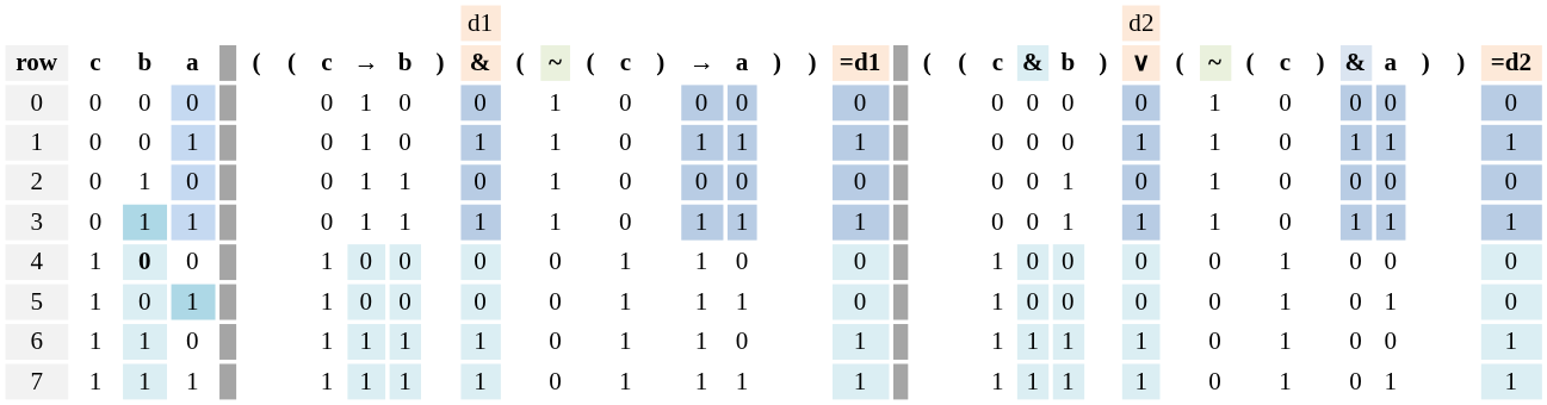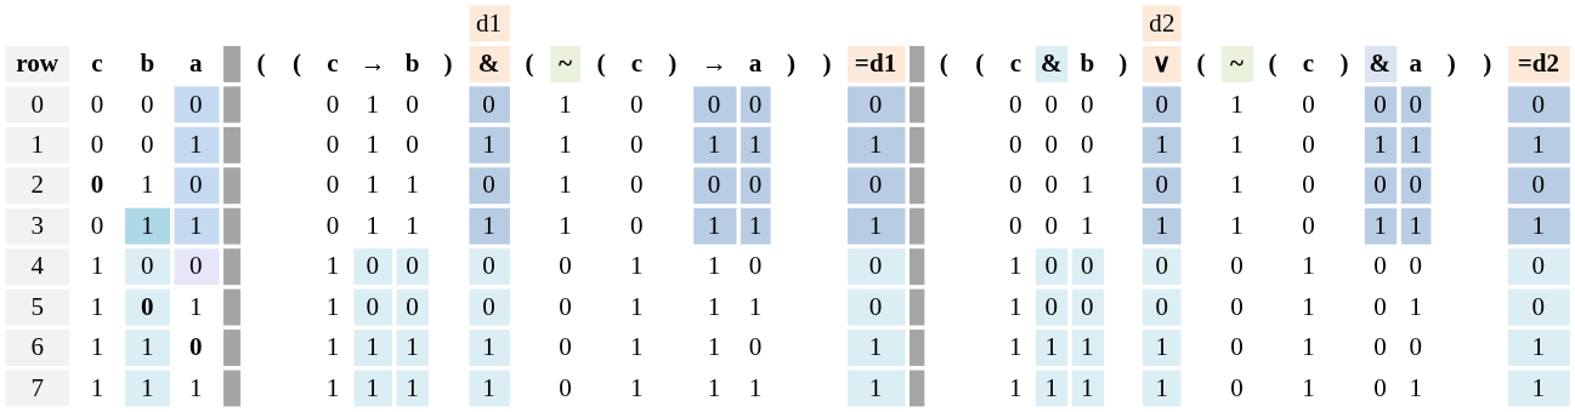 <table>
 <tr style="font-size:9pt" align="center">
 <td width="27.75" Height="12"></td>
 <td width="20.25"></td>
 <td width="18.75"></td>
 <td width="18.75"></td>
 <td width="6.75"></td>
 <td width="12.75"></td>
 <td width="12.75"></td>
 <td width="12.75"></td>
 <td width="16.5"></td>
 <td width="12.75"></td>
 <td width="12.75"></td>
 <td style="background-color:#FDE9D9" width="17.25">d1</td>
 <td width="12.75"></td>
 <td width="12.75"></td>
 <td width="12.75"></td>
 <td width="12.75"></td>
 <td width="12.75"></td>
 <td width="18"></td>
 <td width="12.75"></td>
 <td width="12.75"></td>
 <td width="12.75"></td>
 <td width="24.75"></td>
 <td width="5.25"></td>
 <td width="12.75"></td>
 <td width="12.75"></td>
 <td width="12.75"></td>
 <td width="12.75"></td>
 <td width="12.75"></td>
 <td width="12.75"></td>
 <td style="background-color:#FDE9D9" width="15.75">d2</td>
 <td width="12.75"></td>
 <td width="12.75"></td>
 <td width="12.75"></td>
 <td width="12.75"></td>
 <td width="12.75"></td>
 <td width="12.75"></td>
 <td width="12.75"></td>
 <td width="12.75"></td>
 <td width="12.75"></td>
 <td width="27"></td>
 </tr>
 <tr style="font-size:9pt;font-weight:bold" align="center">
 <th style="background-color:#F2F2F2" Height="12">row</th>
 <th>c</th>
 <th>b</th>
 <th>a</th>
 <td style="background-color:#A5A5A5"></td>
 <td>(</td>
 <td>(</td>
 <td>c</td>
 <td>→</td>
 <td>b</td>
 <td>)</td>
 <td style="background-color:#FDE9D9">&</td>
 <td>(</td>
 <td style="background-color:#EAF1DD">~</td>
 <td>(</td>
 <td>c</td>
 <td>)</td>
 <td>→</td>
 <td>a</td>
 <td>)</td>
 <td>)</td>
 <td style="background-color:#FDE9D9">=d1</td>
 <td style="background-color:#A5A5A5"></td>
 <td>(</td>
 <td>(</td>
 <td>c</td>
 <td style="background-color:#DBEEF3">&</td>
 <td>b</td>
 <td>)</td>
 <td style="background-color:#FDE9D9">∨</td>
 <td>(</td>
 <td style="background-color:#EAF1DD">~</td>
 <td>(</td>
 <td>c</td>
 <td>)</td>
 <td style="background-color:#DBE5F1">&</td>
 <td>a</td>
 <td>)</td>
 <td>)</td>
 <td style="background-color:#FDE9D9">=d2</td>
 </tr>
 <tr style="font-size:9pt" align="center">
 <td style="background-color:#F2F2F2" Height="12">0</td>
 <td>0</td>
 <td>0</td>
 <td style="background-color:#C5D9F1">0</td>
 <td style="background-color:#A5A5A5"></td>
 <td></td>
 <td></td>
 <td>0</td>
 <td>1</td>
 <td>0</td>
 <td></td>
 <td style="background-color:#B8CCE4">0</td>
 <td></td>
 <td>1</td>
 <td></td>
 <td>0</td>
 <td></td>
 <td style="background-color:#B8CCE4">0</td>
 <td style="background-color:#B8CCE4">0</td>
 <td></td>
 <td></td>
 <td style="background-color:#B8CCE4">0</td>
 <td style="background-color:#A5A5A5"></td>
 <td></td>
 <td></td>
 <td>0</td>
 <td>0</td>
 <td>0</td>
 <td></td>
 <td style="background-color:#B8CCE4">0</td>
 <td></td>
 <td>1</td>
 <td></td>
 <td>0</td>
 <td></td>
 <td style="background-color:#B8CCE4">0</td>
 <td style="background-color:#B8CCE4">0</td>
 <td></td>
 <td></td>
 <td style="background-color:#B8CCE4">0</td>
 </tr>
 <tr style="font-size:9pt" align="center">
 <td style="background-color:#F2F2F2" Height="12">1</td>
 <td>0</td>
 <td>0</td>
 <td style="background-color:#C5D9F1">1</td>
 <td style="background-color:#A5A5A5"></td>
 <td></td>
 <td></td>
 <td>0</td>
 <td>1</td>
 <td>0</td>
 <td></td>
 <td style="background-color:#B8CCE4">1</td>
 <td></td>
 <td>1</td>
 <td></td>
 <td>0</td>
 <td></td>
 <td style="background-color:#B8CCE4">1</td>
 <td style="background-color:#B8CCE4">1</td>
 <td></td>
 <td></td>
 <td style="background-color:#B8CCE4">1</td>
 <td style="background-color:#A5A5A5"></td>
 <td></td>
 <td></td>
 <td>0</td>
 <td>0</td>
 <td>0</td>
 <td></td>
 <td style="background-color:#B8CCE4">1</td>
 <td></td>
 <td>1</td>
 <td></td>
 <td>0</td>
 <td></td>
 <td style="background-color:#B8CCE4">1</td>
 <td style="background-color:#B8CCE4">1</td>
 <td></td>
 <td></td>
 <td style="background-color:#B8CCE4">1</td>
 </tr>
 <tr style="font-size:9pt" align="center">
 <td style="background-color:#F2F2F2" Height="12">2</td>
-<td>0</td>
+<td><strong>0</strong></td>
 <td>1</td>
 <td style="background-color:#C5D9F1">0</td>
 <td style="background-color:#A5A5A5"></td>
 <td></td>
 <td></td>
 <td>0</td>
 <td>1</td>
 <td>1</td>
 <td></td>
 <td style="background-color:#B8CCE4">0</td>
 <td></td>
 <td>1</td>
 <td></td>
 <td>0</td>
 <td></td>
 <td style="background-color:#B8CCE4">0</td>
 <td style="background-color:#B8CCE4">0</td>
 <td></td>
 <td></td>
 <td style="background-color:#B8CCE4">0</td>
 <td style="background-color:#A5A5A5"></td>
 <td></td>
 <td></td>
 <td>0</td>
 <td>0</td>
 <td>1</td>
 <td></td>
 <td style="background-color:#B8CCE4">0</td>
 <td></td>
 <td>1</td>
 <td></td>
 <td>0</td>
 <td></td>
 <td style="background-color:#B8CCE4">0</td>
 <td style="background-color:#B8CCE4">0</td>
 <td></td>
 <td></td>
 <td style="background-color:#B8CCE4">0</td>
 </tr>
 <tr style="font-size:9pt" align="center">
 <td style="background-color:#F2F2F2" Height="12">3</td>
 <td>0</td>
 <td style="background: lightblue;">1</td>
 <td style="background-color:#C5D9F1">1</td>
 <td style="background-color:#A5A5A5"></td>
 <td></td>
 <td></td>
 <td>0</td>
 <td>1</td>
 <td>1</td>
 <td></td>
 <td style="background-color:#B8CCE4">1</td>
 <td></td>
 <td>1</td>
 <td></td>
 <td>0</td>
 <td></td>
 <td style="background-color:#B8CCE4">1</td>
 <td style="background-color:#B8CCE4">1</td>
 <td></td>
 <td></td>
 <td style="background-color:#B8CCE4">1</td>
 <td style="background-color:#A5A5A5"></td>
 <td></td>
 <td></td>
 <td>0</td>
 <td>0</td>
 <td>1</td>
 <td></td>
 <td style="background-color:#B8CCE4">1</td>
 <td></td>
 <td>1</td>
 <td></td>
 <td>0</td>
 <td></td>
 <td style="background-color:#B8CCE4">1</td>
 <td style="background-color:#B8CCE4">1</td>
 <td></td>
 <td></td>
 <td style="background-color:#B8CCE4">1</td>
 </tr>
 <tr style="font-size:9pt" align="center">
 <td style="background-color:#F2F2F2" Height="12">4</td>
 <td>1</td>
-<td style="background-color:#DBEEF3"><strong>0</strong></td>
-<td>0</td>
+<td style="background-color:#DBEEF3">0</td>
+<td style="background: lavender;">0</td>
 <td style="background-color:#A5A5A5"></td>
 <td></td>
 <td></td>
 <td>1</td>
 <td style="background-color:#DBEEF3">0</td>
 <td style="background-color:#DBEEF3">0</td>
 <td></td>
 <td style="background-color:#DBEEF3">0</td>
 <td></td>
 <td>0</td>
 <td></td>
 <td>1</td>
 <td></td>
 <td>1</td>
 <td>0</td>
 <td></td>
 <td></td>
 <td style="background-color:#DBEEF3">0</td>
 <td style="background-color:#A5A5A5"></td>
 <td></td>
 <td></td>
 <td>1</td>
 <td style="background-color:#DBEEF3">0</td>
 <td style="background-color:#DBEEF3">0</td>
 <td></td>
 <td style="background-color:#DBEEF3">0</td>
 <td></td>
 <td>0</td>
 <td></td>
 <td>1</td>
 <td></td>
 <td>0</td>
 <td>0</td>
 <td></td>
 <td></td>
 <td style="background-color:#DBEEF3">0</td>
 </tr>
 <tr style="font-size:9pt" align="center">
 <td style="background-color:#F2F2F2" Height="12">5</td>
 <td>1</td>
-<td style="background-color:#DBEEF3">0</td>
-<td style="background: lightblue;">1</td>
+<td style="background-color:#DBEEF3"><strong>0</strong></td>
+<td>1</td>
 <td style="background-color:#A5A5A5"></td>
 <td></td>
 <td></td>
 <td>1</td>
 <td style="background-color:#DBEEF3">0</td>
 <td style="background-color:#DBEEF3">0</td>
 <td></td>
 <td style="background-color:#DBEEF3">0</td>
 <td></td>
 <td>0</td>
 <td></td>
 <td>1</td>
 <td></td>
 <td>1</td>
 <td>1</td>
 <td></td>
 <td></td>
 <td style="background-color:#DBEEF3">0</td>
 <td style="background-color:#A5A5A5"></td>
 <td></td>
 <td></td>
 <td>1</td>
 <td style="background-color:#DBEEF3">0</td>
 <td style="background-color:#DBEEF3">0</td>
 <td></td>
 <td style="background-color:#DBEEF3">0</td>
 <td></td>
 <td>0</td>
 <td></td>
 <td>1</td>
 <td></td>
 <td>0</td>
 <td>1</td>
 <td></td>
 <td></td>
 <td style="background-color:#DBEEF3">0</td>
 </tr>
 <tr style="font-size:9pt" align="center">
 <td style="background-color:#F2F2F2" Height="12">6</td>
 <td>1</td>
 <td style="background-color:#DBEEF3">1</td>
-<td>0</td>
+<td><strong>0</strong></td>
 <td style="background-color:#A5A5A5"></td>
 <td></td>
 <td></td>
 <td>1</td>
 <td style="background-color:#DBEEF3">1</td>
 <td style="background-color:#DBEEF3">1</td>
 <td></td>
 <td style="background-color:#DBEEF3">1</td>
 <td></td>
 <td>0</td>
 <td></td>
 <td>1</td>
 <td></td>
 <td>1</td>
 <td>0</td>
 <td></td>
 <td></td>
 <td style="background-color:#DBEEF3">1</td>
 <td style="background-color:#A5A5A5"></td>
 <td></td>
 <td></td>
 <td>1</td>
 <td style="background-color:#DBEEF3">1</td>
 <td style="background-color:#DBEEF3">1</td>
 <td></td>
 <td style="background-color:#DBEEF3">1</td>
 <td></td>
 <td>0</td>
 <td></td>
 <td>1</td>
 <td></td>
 <td>0</td>
 <td>0</td>
 <td></td>
 <td></td>
 <td style="background-color:#DBEEF3">1</td>
 </tr>
 <tr style="font-size:9pt" align="center">
 <td style="background-color:#F2F2F2" Height="12">7</td>
 <td>1</td>
 <td style="background-color:#DBEEF3">1</td>
 <td>1</td>
 <td style="background-color:#A5A5A5"></td>
 <td></td>
 <td></td>
 <td>1</td>
 <td style="background-color:#DBEEF3">1</td>
 <td style="background-color:#DBEEF3">1</td>
 <td></td>
 <td style="background-color:#DBEEF3">1</td>
 <td></td>
 <td>0</td>
 <td></td>
 <td>1</td>
 <td></td>
 <td>1</td>
 <td>1</td>
 <td></td>
 <td></td>
 <td style="background-color:#DBEEF3">1</td>
 <td style="background-color:#A5A5A5"></td>
 <td></td>
 <td></td>
 <td>1</td>
 <td style="background-color:#DBEEF3">1</td>
 <td style="background-color:#DBEEF3">1</td>
 <td></td>
 <td style="background-color:#DBEEF3">1</td>
 <td></td>
 <td>0</td>
 <td></td>
 <td>1</td>
 <td></td>
 <td>0</td>
 <td>1</td>
 <td></td>
 <td></td>
 <td style="background-color:#DBEEF3">1</td>
 </tr>
 </table>
